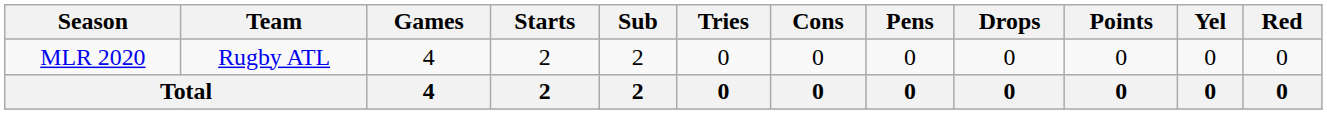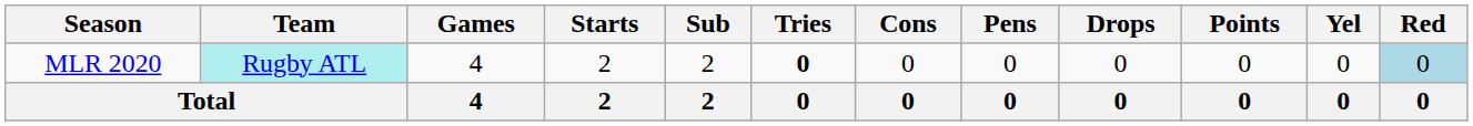 <table class="wikitable" style="text-align:center; line-height:100%; font-size:100%; width:70%;">
 <tr>
 <th>Season</th>
 <th>Team</th>
 <th>Games</th>
 <th>Starts</th>
 <th>Sub</th>
 <th>Tries</th>
 <th>Cons</th>
 <th>Pens</th>
 <th>Drops</th>
 <th>Points</th>
 <th>Yel</th>
 <th>Red</th>
 </tr>
 <tr>
 <td><a href='#'>MLR 2020</a></td>
-<td><a href='#'>Rugby ATL</a></td>
+<td style="background: paleturquoise;"><a href='#'>Rugby ATL</a></td>
 <td>4</td>
 <td>2</td>
 <td>2</td>
+<td><strong>0</strong></td>
 <td>0</td>
 <td>0</td>
 <td>0</td>
 <td>0</td>
 <td>0</td>
-<td>0</td>
-<td>0</td>
+<td style="background: lightblue;">0</td>
 </tr>
 <tr>
 <th colspan="2">Total</th>
 <th>4</th>
 <th>2</th>
 <th>2</th>
 <th>0</th>
 <th>0</th>
 <th>0</th>
 <th>0</th>
 <th>0</th>
 <th>0</th>
 <th>0</th>
 </tr>
 </table>
